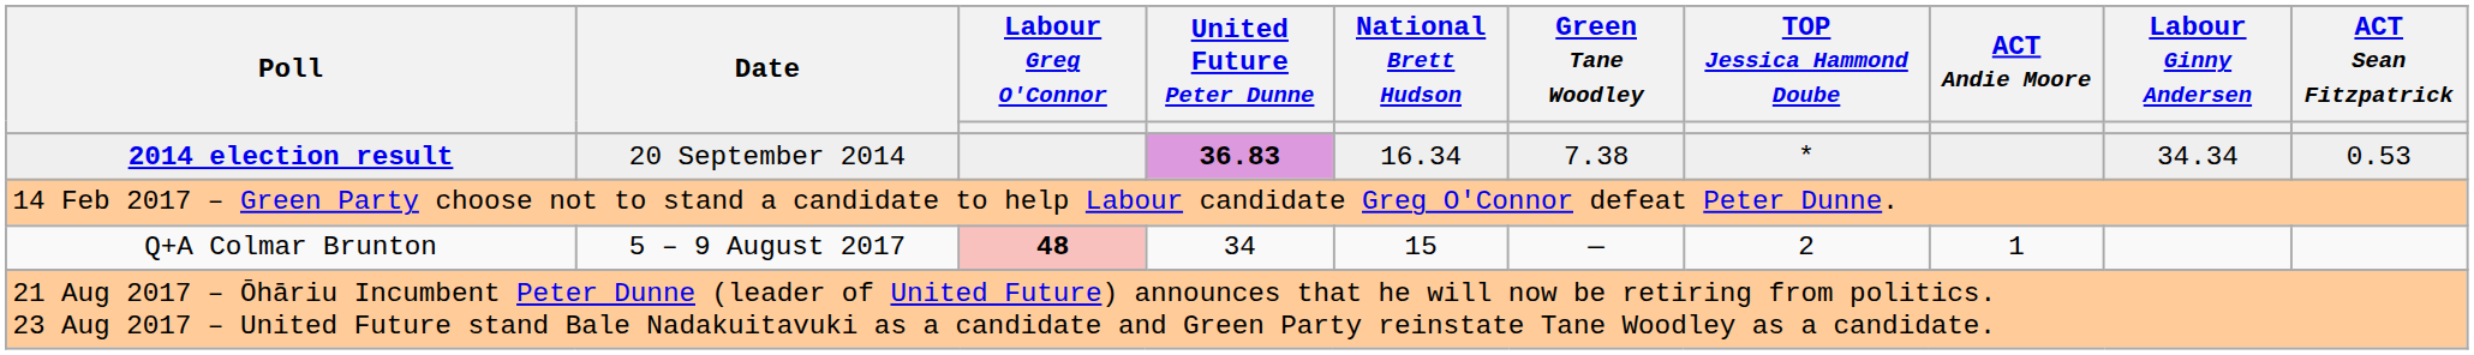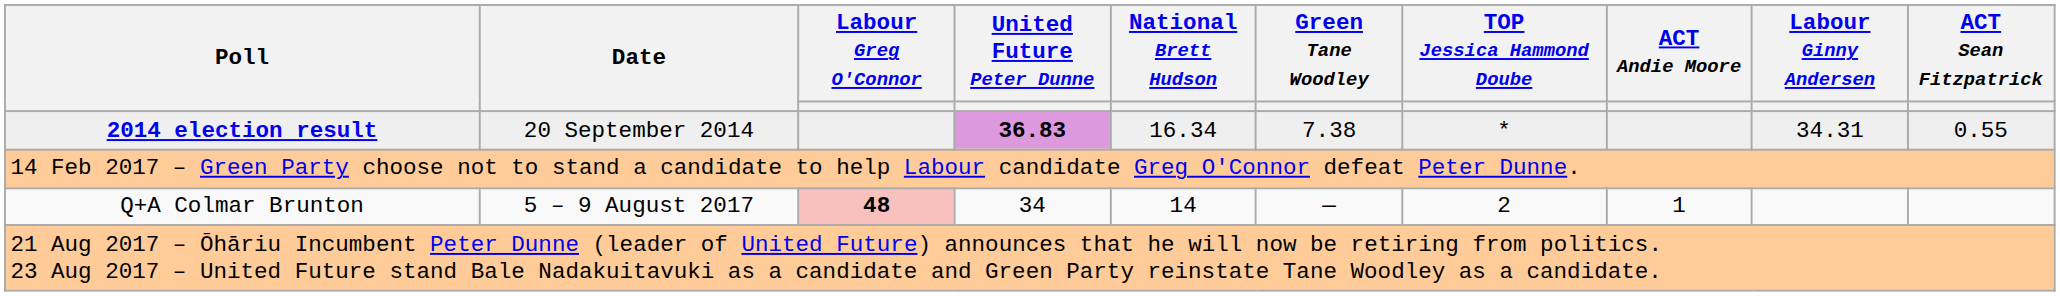 <table class="wikitable" style="font-size:90%; line-height:14px; text-align:center">
 <tr>
 <th style="width:240px;" rowspan="2">Poll</th>
 <th style="width:160px;" rowspan="2">Date </th>
 <th style="width:75px;" r bgcolor=><a href='#'>Labour</a><br><small><em><a href='#'>Greg O'Connor</a></em></small></th>
 <th style="width:75px;" r bgcolor=><a href='#'>United Future</a><br><small><em><a href='#'>Peter Dunne</a></em></small></th>
 <th style="width:70px;" r bgcolor=><a href='#'>National</a><br><small><em><a href='#'>Brett Hudson</a></em></small></th>
 <th style="width:70px;" r bgcolor=><a href='#'>Green</a><br><small><em>Tane Woodley</em></small></th>
 <th style="width:100px;" r bgcolor=><a href='#'>TOP</a><br><small><em><a href='#'>Jessica Hammond Doube</a></em></small></th>
 <th style="width:70px;" r bgcolor=><a href='#'>ACT</a><br><small><em>Andie Moore</em></small></th>
 <th style="width:75px;" r bgcolor=><a href='#'>Labour</a><br><small><em><a href='#'>Ginny Andersen</a></em></small></th>
 <th style="width:70px;" r bgcolor=><a href='#'>ACT</a><br><small><em>Sean Fitzpatrick</em></small></th>
 </tr>
 <tr>
 <th class="unsortable" style="color:inherit;background:"></th>
 <th class="unsortable" style="color:inherit;background:"></th>
 <th class="unsortable" style="color:inherit;background:"></th>
 <th class="unsortable" style="color:inherit;background:"></th>
 <th class="unsortable" style="color:inherit;background:"></th>
 <th class="unsortable" style="color:inherit;background:"></th>
 <th class="unsortable" style="color:inherit;background:"></th>
 <th class="unsortable" style="color:inherit;background:"></th>
 </tr>
 <tr style="background:#EFEFEF; font-weight:italic;">
 <td><strong><a href='#'>2014 election result</a></strong></td>
 <td>20 September 2014</td>
 <td></td>
 <td style="background:#DD99DD"><strong>36.83</strong></td>
 <td>16.34</td>
 <td>7.38</td>
 <td>*</td>
 <td></td>
-<td>34.34</td>
-<td>0.53</td>
+<td>34.31</td>
+<td>0.55</td>
 </tr>
 <tr>
 <td colspan="12" style="background:#fc9;text-align:left;">14 Feb 2017 – <a href='#'>Green Party</a> choose not to stand a candidate to help <a href='#'>Labour</a> candidate <a href='#'>Greg O'Connor</a> defeat <a href='#'>Peter Dunne</a>.</td>
 </tr>
 <tr>
 <td>Q+A Colmar Brunton</td>
 <td>5 – 9 August 2017</td>
 <td style="background:#F8C1BE"><strong>48</strong></td>
 <td>34</td>
-<td>15</td>
+<td>14</td>
 <td>—</td>
 <td>2</td>
 <td>1</td>
 <td></td>
 <td></td>
 </tr>
 <tr>
 <td colspan="12" style="background:#fc9;text-align:left;">21 Aug 2017 – Ōhāriu Incumbent <a href='#'>Peter Dunne</a> (leader of <a href='#'>United Future</a>) announces that he will now be retiring from politics.<br>23 Aug 2017 – United Future stand Bale Nadakuitavuki as a candidate and Green Party reinstate Tane Woodley as a candidate.</td>
 </tr>
 </table>
